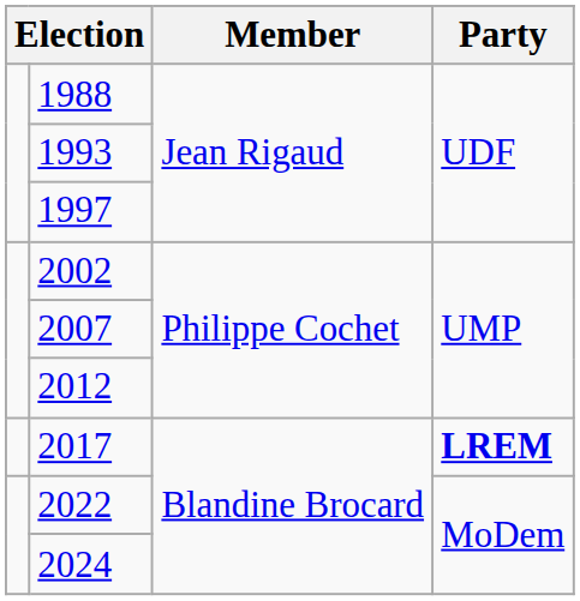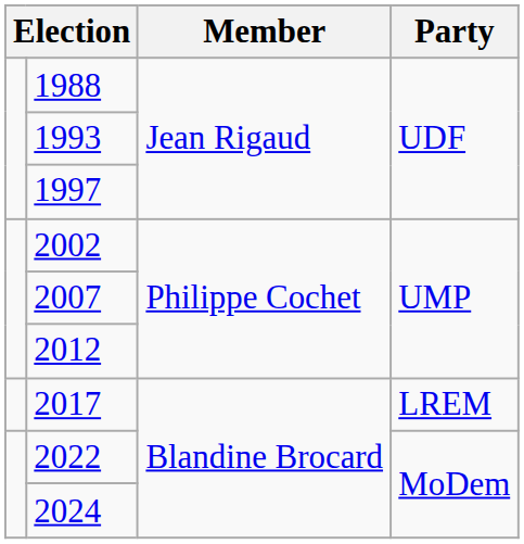 <table class="wikitable">
 <tr>
 <th colspan=2>Election</th>
 <th>Member</th>
 <th>Party</th>
 </tr>
 <tr>
 <td rowspan="3" style="background-color: "></td>
 <td><a href='#'>1988</a></td>
 <td rowspan="3"><a href='#'>Jean Rigaud</a></td>
 <td rowspan="3"><a href='#'>UDF</a></td>
 </tr>
 <tr>
 <td><a href='#'>1993</a></td>
 </tr>
 <tr>
 <td><a href='#'>1997</a></td>
 </tr>
 <tr>
 <td rowspan="3" style="background-color: "></td>
 <td><a href='#'>2002</a></td>
 <td rowspan="3"><a href='#'>Philippe Cochet</a></td>
 <td rowspan="3"><a href='#'>UMP</a></td>
 </tr>
 <tr>
 <td><a href='#'>2007</a></td>
 </tr>
 <tr>
 <td><a href='#'>2012</a></td>
 </tr>
 <tr>
 <td style="background-color: "></td>
 <td><a href='#'>2017</a></td>
 <td rowspan="3"><a href='#'>Blandine Brocard</a></td>
-<td><strong><a href='#'>LREM</a></strong></td>
+<td><a href='#'>LREM</a></td>
 </tr>
 <tr>
 <td rowspan="2" style="background-color: "></td>
 <td><a href='#'>2022</a></td>
 <td rowspan="2"><a href='#'>MoDem</a></td>
 </tr>
 <tr>
 <td><a href='#'>2024</a></td>
 </tr>
 </table>
